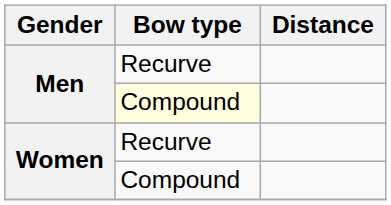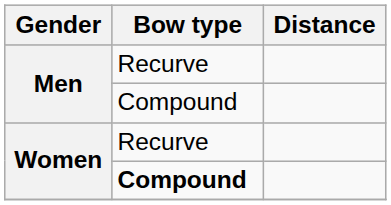 <table class="wikitable" width="250px" align="right" style="margin: 0.9em 0em 0.36em 1.5em;">
 <tr>
 <th>Gender</th>
 <th>Bow type</th>
 <th>Distance</th>
 </tr>
 <tr>
 <th rowspan=2>Men</th>
 <td>Recurve</td>
 <td align="center"></td>
 </tr>
 <tr>
-<td style="background: lightyellow;">Compound</td>
+<td>Compound</td>
 <td align="center"></td>
 </tr>
 <tr>
 <th rowspan=2>Women</th>
 <td>Recurve</td>
 <td align="center"></td>
 </tr>
 <tr>
-<td>Compound</td>
+<td><strong>Compound</strong></td>
 <td align="center"></td>
 </tr>
 <tr>
 </tr>
 </table>
